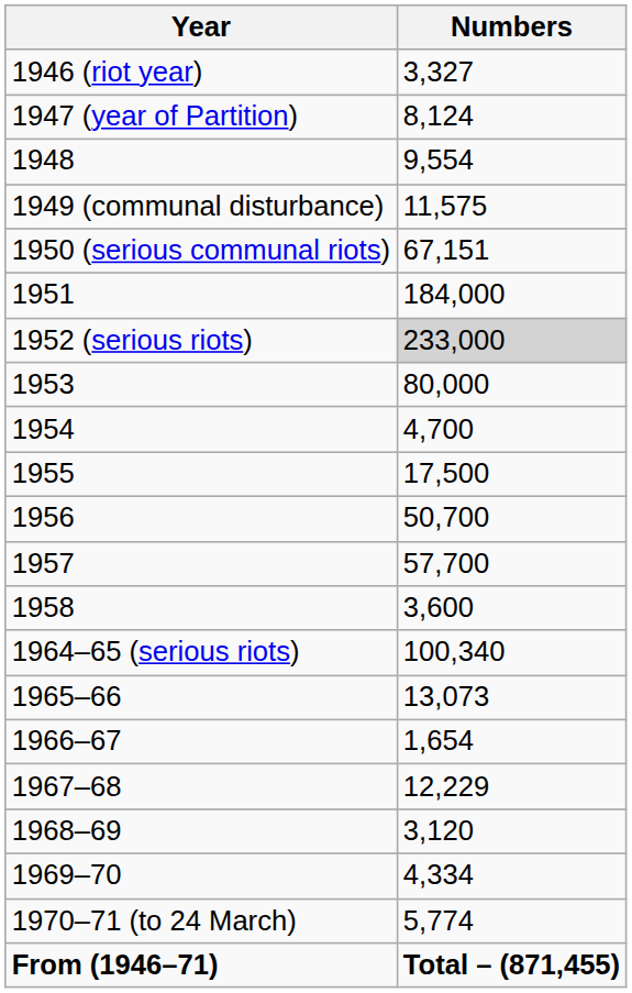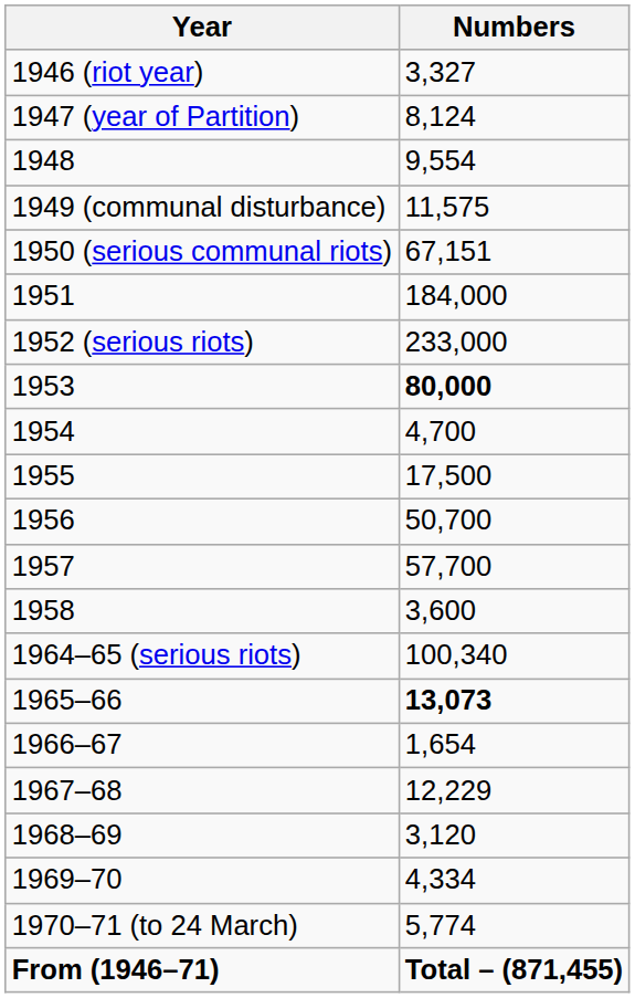 <table class="wikitable">
 <tr>
 <th>Year</th>
 <th>Numbers</th>
 </tr>
 <tr>
 <td>1946 (<a href='#'>riot year</a>)</td>
 <td>3,327</td>
 </tr>
 <tr>
 <td>1947 (<a href='#'>year of Partition</a>)</td>
 <td>8,124</td>
 </tr>
 <tr>
 <td>1948</td>
 <td>9,554</td>
 </tr>
 <tr>
 <td>1949 (communal disturbance)</td>
 <td>11,575</td>
 </tr>
 <tr>
 <td>1950 (<a href='#'>serious communal riots</a>)</td>
 <td>67,151</td>
 </tr>
 <tr>
 <td>1951</td>
 <td>184,000</td>
 </tr>
 <tr>
 <td>1952 (<a href='#'>serious riots</a>)</td>
-<td style="background: lightgrey;">233,000</td>
+<td>233,000</td>
 </tr>
 <tr>
 <td>1953</td>
-<td>80,000</td>
+<td><strong>80,000</strong></td>
 </tr>
 <tr>
 <td>1954</td>
 <td>4,700</td>
 </tr>
 <tr>
 <td>1955</td>
 <td>17,500</td>
 </tr>
 <tr>
 <td>1956</td>
 <td>50,700</td>
 </tr>
 <tr>
 <td>1957</td>
 <td>57,700</td>
 </tr>
 <tr>
 <td>1958</td>
 <td>3,600</td>
 </tr>
 <tr>
 <td>1964–65 (<a href='#'>serious riots</a>)</td>
 <td>100,340</td>
 </tr>
 <tr>
 <td>1965–66</td>
-<td>13,073</td>
+<td><strong>13,073</strong></td>
 </tr>
 <tr>
 <td>1966–67</td>
 <td>1,654</td>
 </tr>
 <tr>
 <td>1967–68</td>
 <td>12,229</td>
 </tr>
 <tr>
 <td>1968–69</td>
 <td>3,120</td>
 </tr>
 <tr>
 <td>1969–70</td>
 <td>4,334</td>
 </tr>
 <tr>
 <td>1970–71 (to 24 March)</td>
 <td>5,774</td>
 </tr>
 <tr>
 <td><strong>From (1946–71)</strong></td>
 <td><strong>Total – (871,455)</strong></td>
 </tr>
 </table>
